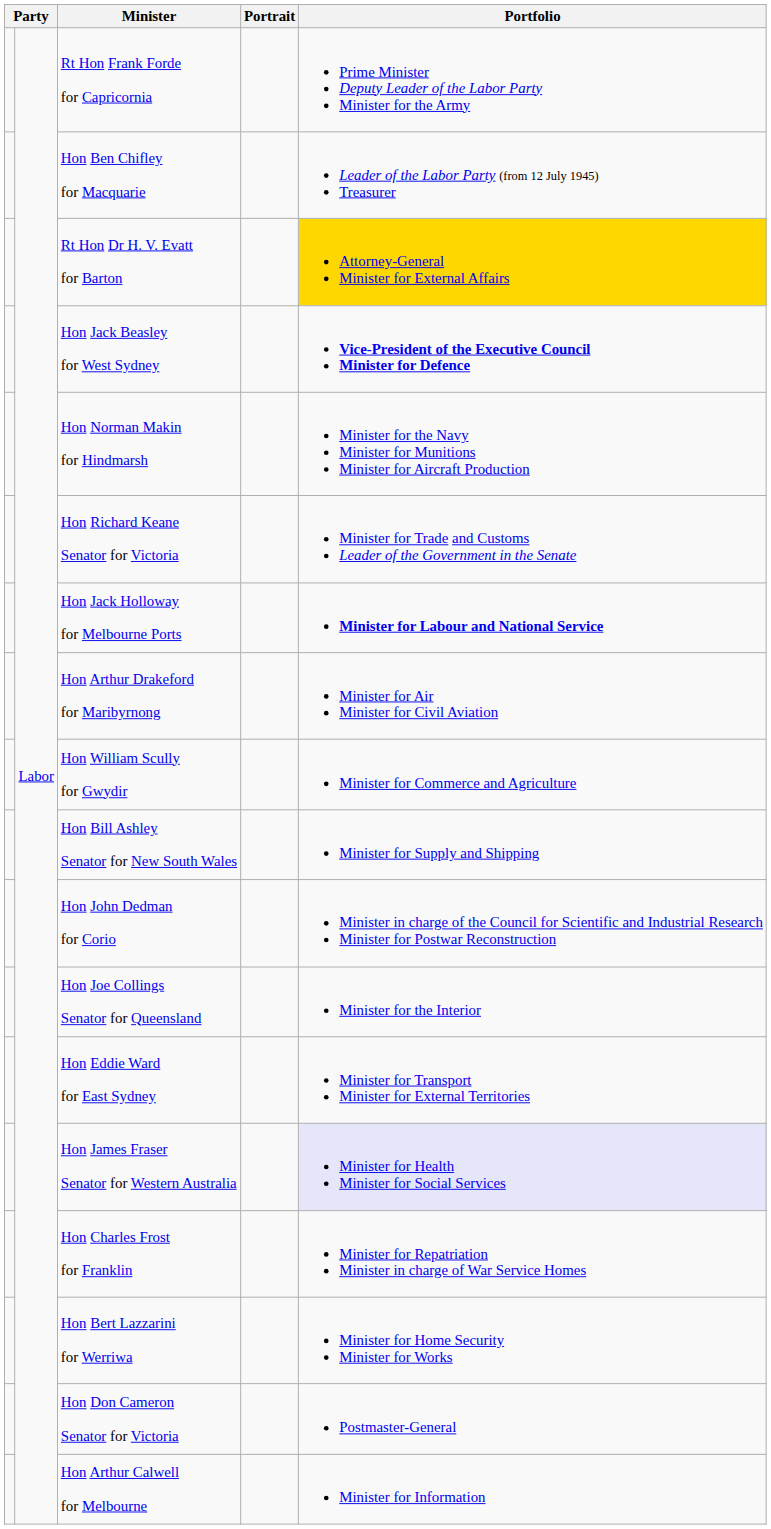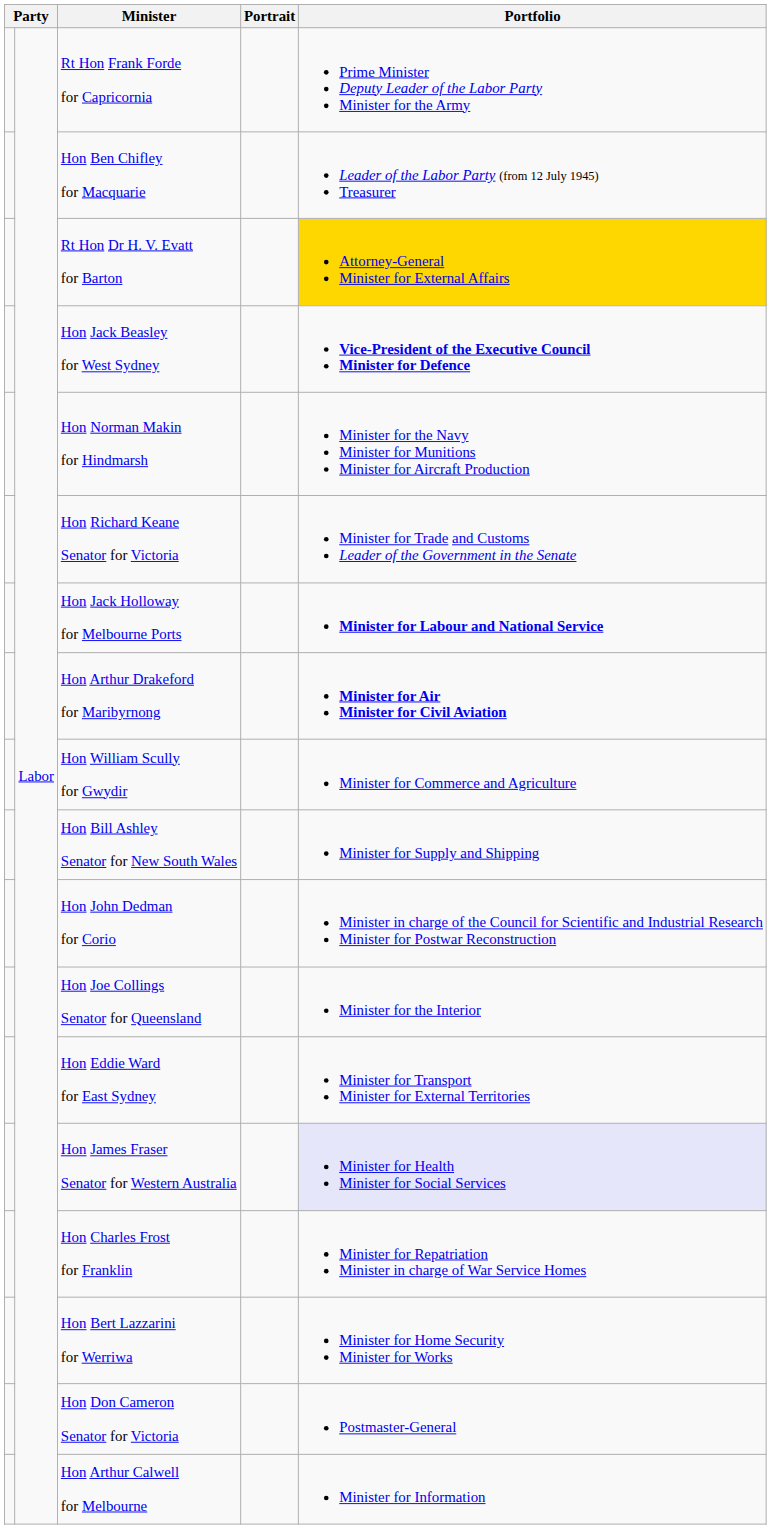 <table class="wikitable sortable">
 <tr>
 <th colspan="2">Party</th>
 <th>Minister</th>
 <th>Portrait</th>
 <th>Portfolio</th>
 </tr>
 <tr>
 <td> </td>
 <td rowspan=18><a href='#'>Labor</a></td>
 <td><a href='#'>Rt Hon</a> <a href='#'>Frank Forde</a> <br><br> for <a href='#'>Capricornia</a> <br></td>
 <td></td>
 <td><br><ul><li><a href='#'>Prime Minister</a></li><li><em><a href='#'>Deputy Leader of the Labor Party</a></em></li><li><a href='#'>Minister for the Army</a></li></ul></td>
 </tr>
 <tr>
 <td> </td>
 <td><a href='#'>Hon</a> <a href='#'>Ben Chifley</a> <br><br> for <a href='#'>Macquarie</a> <br></td>
 <td></td>
 <td><br><ul><li><em><a href='#'>Leader of the Labor Party</a></em> <small>(from 12 July 1945)</small></li><li><a href='#'>Treasurer</a></li></ul></td>
 </tr>
 <tr>
 <td> </td>
 <td><a href='#'>Rt Hon</a> <a href='#'>Dr H. V. Evatt</a>  <br><br> for <a href='#'>Barton</a> <br></td>
 <td></td>
 <td style="background: gold;"><br><ul><li><a href='#'>Attorney-General</a></li><li><a href='#'>Minister for External Affairs</a></li></ul></td>
 </tr>
 <tr>
 <td> </td>
 <td><a href='#'>Hon</a> <a href='#'>Jack Beasley</a> <br><br> for <a href='#'>West Sydney</a> <br></td>
 <td></td>
 <td><strong><br><ul><li><a href='#'>Vice-President of the Executive Council</a></li><li><a href='#'>Minister for Defence</a></li></ul></strong></td>
 </tr>
 <tr>
 <td> </td>
 <td><a href='#'>Hon</a> <a href='#'>Norman Makin</a> <br><br> for <a href='#'>Hindmarsh</a> <br></td>
 <td></td>
 <td><br><ul><li><a href='#'>Minister for the Navy</a></li><li><a href='#'>Minister for Munitions</a></li><li><a href='#'>Minister for Aircraft Production</a></li></ul></td>
 </tr>
 <tr>
 <td> </td>
 <td><a href='#'>Hon</a> <a href='#'>Richard Keane</a> <br><br><a href='#'>Senator</a> for <a href='#'>Victoria</a> <br></td>
 <td></td>
 <td><br><ul><li><a href='#'>Minister for Trade</a> <a href='#'>and Customs</a></li><li><em><a href='#'>Leader of the Government in the Senate</a></em></li></ul></td>
 </tr>
 <tr>
 <td> </td>
 <td><a href='#'>Hon</a> <a href='#'>Jack Holloway</a> <br><br> for <a href='#'>Melbourne Ports</a> <br></td>
 <td></td>
 <td><strong><br><ul><li><a href='#'>Minister for Labour and National Service</a></li></ul></strong></td>
 </tr>
 <tr>
 <td> </td>
 <td><a href='#'>Hon</a> <a href='#'>Arthur Drakeford</a> <br><br> for <a href='#'>Maribyrnong</a> <br></td>
 <td></td>
-<td><br><ul><li><a href='#'>Minister for Air</a></li><li><a href='#'>Minister for Civil Aviation</a></li></ul></td>
+<td><strong><br><ul><li><a href='#'>Minister for Air</a></li><li><a href='#'>Minister for Civil Aviation</a></li></ul></strong></td>
 </tr>
 <tr>
 <td> </td>
 <td><a href='#'>Hon</a> <a href='#'>William Scully</a> <br><br> for <a href='#'>Gwydir</a> <br></td>
 <td></td>
 <td><br><ul><li><a href='#'>Minister for Commerce and Agriculture</a></li></ul></td>
 </tr>
 <tr>
 <td> </td>
 <td><a href='#'>Hon</a> <a href='#'>Bill Ashley</a> <br><br><a href='#'>Senator</a> for <a href='#'>New South Wales</a> <br></td>
 <td></td>
 <td><br><ul><li><a href='#'>Minister for Supply and Shipping</a></li></ul></td>
 </tr>
 <tr>
 <td> </td>
 <td><a href='#'>Hon</a> <a href='#'>John Dedman</a> <br><br> for <a href='#'>Corio</a> <br></td>
 <td></td>
 <td><br><ul><li><a href='#'>Minister in charge of the Council for Scientific and Industrial Research</a></li><li><a href='#'>Minister for Postwar Reconstruction</a></li></ul></td>
 </tr>
 <tr>
 <td> </td>
 <td><a href='#'>Hon</a> <a href='#'>Joe Collings</a> <br><br><a href='#'>Senator</a> for <a href='#'>Queensland</a> <br></td>
 <td></td>
 <td><br><ul><li><a href='#'>Minister for the Interior</a></li></ul></td>
 </tr>
 <tr>
 <td> </td>
 <td><a href='#'>Hon</a> <a href='#'>Eddie Ward</a> <br><br> for <a href='#'>East Sydney</a> <br></td>
 <td></td>
 <td><br><ul><li><a href='#'>Minister for Transport</a></li><li><a href='#'>Minister for External Territories</a></li></ul></td>
 </tr>
 <tr>
 <td> </td>
 <td><a href='#'>Hon</a> <a href='#'>James Fraser</a> <br><br><a href='#'>Senator</a> for <a href='#'>Western Australia</a> <br></td>
 <td></td>
 <td style="background: lavender;"><br><ul><li><a href='#'>Minister for Health</a></li><li><a href='#'>Minister for Social Services</a></li></ul></td>
 </tr>
 <tr>
 <td> </td>
 <td><a href='#'>Hon</a> <a href='#'>Charles Frost</a> <br><br> for <a href='#'>Franklin</a> <br></td>
 <td></td>
 <td><br><ul><li><a href='#'>Minister for Repatriation</a></li><li><a href='#'>Minister in charge of War Service Homes</a></li></ul></td>
 </tr>
 <tr>
 <td> </td>
 <td><a href='#'>Hon</a> <a href='#'>Bert Lazzarini</a> <br><br> for <a href='#'>Werriwa</a> <br></td>
 <td></td>
 <td><br><ul><li><a href='#'>Minister for Home Security</a></li><li><a href='#'>Minister for Works</a></li></ul></td>
 </tr>
 <tr>
 <td> </td>
 <td><a href='#'>Hon</a> <a href='#'>Don Cameron</a> <br><br><a href='#'>Senator</a> for <a href='#'>Victoria</a> <br></td>
 <td></td>
 <td><br><ul><li><a href='#'>Postmaster-General</a></li></ul></td>
 </tr>
 <tr>
 <td> </td>
 <td><a href='#'>Hon</a> <a href='#'>Arthur Calwell</a> <br><br> for <a href='#'>Melbourne</a> <br></td>
 <td></td>
 <td><br><ul><li><a href='#'>Minister for Information</a></li></ul></td>
 </tr>
 </table>
